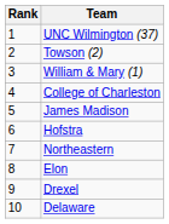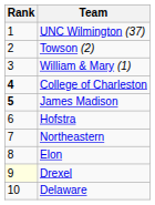 <table class="wikitable">
 <tr>
 <th>Rank</th>
 <th>Team</th>
 </tr>
 <tr>
 <td>1</td>
 <td><a href='#'>UNC Wilmington</a> <em>(37)</em></td>
 </tr>
 <tr>
 <td>2</td>
 <td><a href='#'>Towson</a> <em>(2)</em></td>
 </tr>
 <tr>
 <td>3</td>
 <td><a href='#'>William & Mary</a> <em>(1)</em></td>
 </tr>
 <tr>
-<td>4</td>
+<td><strong>4</strong></td>
 <td><a href='#'>College of Charleston</a></td>
 </tr>
 <tr>
-<td>5</td>
+<td><strong>5</strong></td>
 <td><a href='#'>James Madison</a></td>
 </tr>
 <tr>
 <td>6</td>
 <td><a href='#'>Hofstra</a></td>
 </tr>
 <tr>
 <td>7</td>
 <td><a href='#'>Northeastern</a></td>
 </tr>
 <tr>
 <td>8</td>
 <td><a href='#'>Elon</a></td>
 </tr>
 <tr>
-<td>9</td>
+<td style="background: lightyellow;">9</td>
 <td><a href='#'>Drexel</a></td>
 </tr>
 <tr>
 <td>10</td>
 <td><a href='#'>Delaware</a></td>
 </tr>
 </table>
